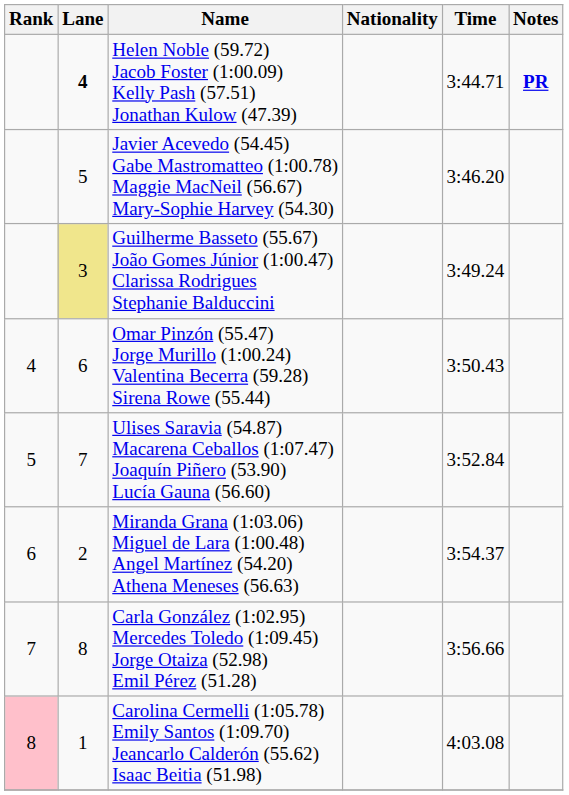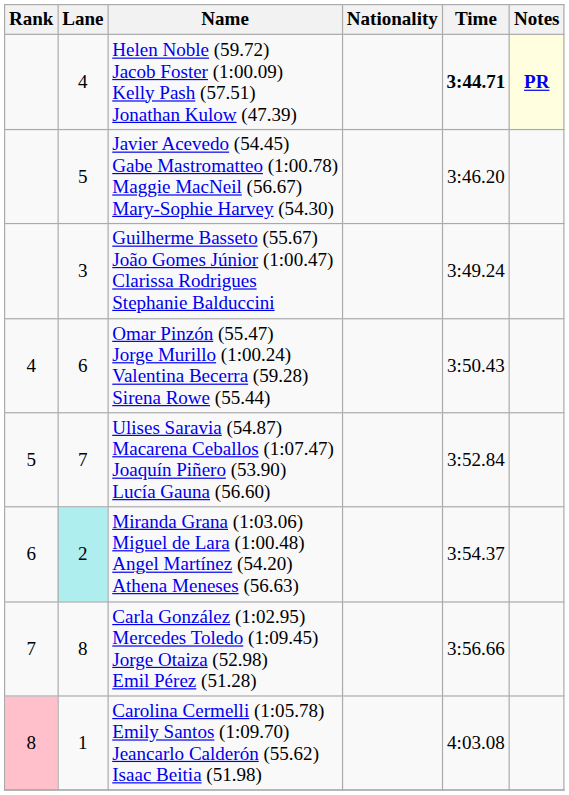 <table class="wikitable sortable" style="text-align:center">
 <tr>
 <th>Rank</th>
 <th>Lane</th>
 <th>Name</th>
 <th>Nationality</th>
 <th>Time</th>
 <th>Notes</th>
 </tr>
 <tr>
 <td></td>
-<td><strong>4</strong></td>
+<td>4</td>
 <td align="left"><a href='#'>Helen Noble</a> (59.72)<br><a href='#'>Jacob Foster</a> (1:00.09)<br><a href='#'>Kelly Pash</a> (57.51)<br><a href='#'>Jonathan Kulow</a> (47.39)</td>
 <td align="left"></td>
-<td>3:44.71</td>
-<td><strong><a href='#'>PR</a></strong></td>
+<td><strong>3:44.71</strong></td>
+<td style="background: lightyellow;"><strong><a href='#'>PR</a></strong></td>
 </tr>
 <tr>
 <td></td>
 <td>5</td>
 <td align="left"><a href='#'>Javier Acevedo</a> (54.45)<br><a href='#'>Gabe Mastromatteo</a> (1:00.78)<br><a href='#'>Maggie MacNeil</a> (56.67)<br><a href='#'>Mary-Sophie Harvey</a> (54.30)</td>
 <td align="left"></td>
 <td>3:46.20</td>
 <td></td>
 </tr>
 <tr>
 <td></td>
-<td style="background: khaki;">3</td>
+<td>3</td>
 <td align="left"><a href='#'>Guilherme Basseto</a> (55.67)<br><a href='#'>João Gomes Júnior</a> (1:00.47)<br><a href='#'>Clarissa Rodrigues</a><br><a href='#'>Stephanie Balduccini</a></td>
 <td align="left"></td>
 <td>3:49.24</td>
 <td></td>
 </tr>
 <tr>
 <td>4</td>
 <td>6</td>
 <td align="left"><a href='#'>Omar Pinzón</a> (55.47)<br><a href='#'>Jorge Murillo</a> (1:00.24)<br><a href='#'>Valentina Becerra</a> (59.28)<br><a href='#'>Sirena Rowe</a> (55.44)</td>
 <td align="left"></td>
 <td>3:50.43</td>
 <td></td>
 </tr>
 <tr>
 <td>5</td>
 <td>7</td>
 <td align="left"><a href='#'>Ulises Saravia</a> (54.87)<br><a href='#'>Macarena Ceballos</a> (1:07.47)<br><a href='#'>Joaquín Piñero</a> (53.90)<br><a href='#'>Lucía Gauna</a> (56.60)</td>
 <td align="left"></td>
 <td>3:52.84</td>
 <td></td>
 </tr>
 <tr>
 <td>6</td>
-<td>2</td>
+<td style="background: paleturquoise;">2</td>
 <td align="left"><a href='#'>Miranda Grana</a> (1:03.06)<br><a href='#'>Miguel de Lara</a> (1:00.48)<br><a href='#'>Angel Martínez</a> (54.20)<br><a href='#'>Athena Meneses</a> (56.63)</td>
 <td align="left"></td>
 <td>3:54.37</td>
 <td></td>
 </tr>
 <tr>
 <td>7</td>
 <td>8</td>
 <td align="left"><a href='#'>Carla González</a> (1:02.95)<br><a href='#'>Mercedes Toledo</a> (1:09.45)<br><a href='#'>Jorge Otaiza</a> (52.98)<br><a href='#'>Emil Pérez</a> (51.28)</td>
 <td align="left"></td>
 <td>3:56.66</td>
 <td></td>
 </tr>
 <tr>
 <td style="background: pink;">8</td>
 <td>1</td>
 <td align="left"><a href='#'>Carolina Cermelli</a> (1:05.78)<br><a href='#'>Emily Santos</a> (1:09.70)<br><a href='#'>Jeancarlo Calderón</a> (55.62)<br><a href='#'>Isaac Beitia</a> (51.98)</td>
 <td align="left"></td>
 <td>4:03.08</td>
 <td></td>
 </tr>
 <tr>
 </tr>
 </table>
